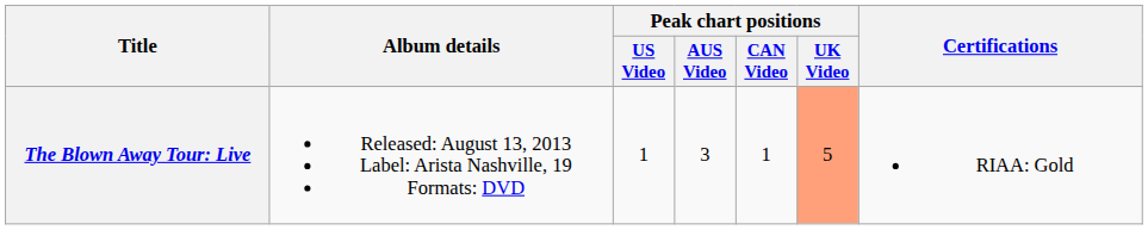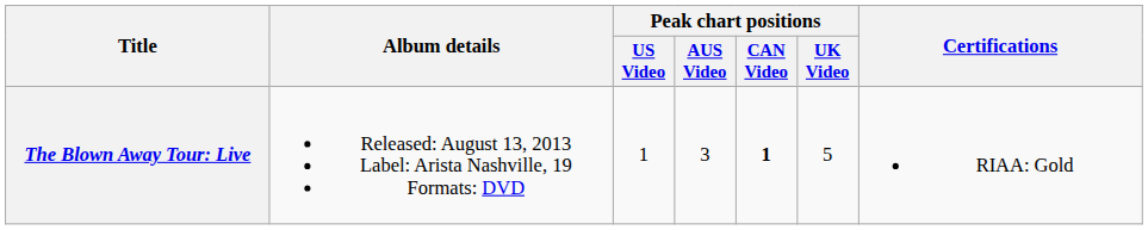 <table class="wikitable plainrowheaders" style="text-align:center;">
 <tr>
 <th scope="col" rowspan="2" style="width:13em;">Title</th>
 <th scope="col" rowspan="2" style="width:17em;">Album details</th>
 <th scope="col" colspan="4" style="width:12em;">Peak chart positions</th>
 <th scope="col" rowspan="2" style="width:14em;"><a href='#'>Certifications</a></th>
 </tr>
 <tr>
 <th scope="col" style="width:3em;font-size:90%;"><a href='#'>US Video</a><br></th>
 <th scope="col" style="width:3em;font-size:90%;"><a href='#'>AUS Video</a><br></th>
 <th scope="col" style="width:3em;font-size:90%;"><a href='#'>CAN Video</a><br></th>
 <th scope="col" style="width:3em;font-size:90%;"><a href='#'>UK Video</a><br></th>
 </tr>
 <tr>
 <th scope="row"><em><a href='#'>The Blown Away Tour: Live</a></em></th>
 <td><br><ul><li>Released: August 13, 2013</li><li>Label: Arista Nashville, 19</li><li>Formats: <a href='#'>DVD</a></li></ul></td>
 <td>1</td>
 <td>3</td>
-<td>1</td>
-<td style="background: lightsalmon;">5</td>
+<td><strong>1</strong></td>
+<td>5</td>
 <td><br><ul><li>RIAA: Gold</li></ul></td>
 </tr>
 </table>
